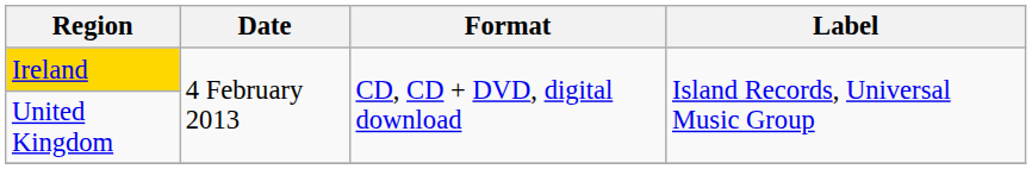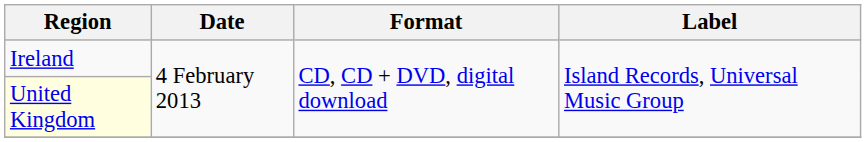 <table class=wikitable>
 <tr>
 <th>Region</th>
 <th>Date</th>
 <th>Format</th>
 <th>Label</th>
 </tr>
 <tr>
-<td style="background: gold;"><a href='#'>Ireland</a></td>
+<td><a href='#'>Ireland</a></td>
 <td rowspan=2>4 February 2013</td>
 <td rowspan="2"><a href='#'>CD</a>, <a href='#'>CD</a> + <a href='#'>DVD</a>, <a href='#'>digital download</a></td>
 <td rowspan="2"><a href='#'>Island Records</a>, <a href='#'>Universal Music Group</a></td>
 </tr>
 <tr>
-<td><a href='#'>United Kingdom</a></td>
+<td style="background: lightyellow;"><a href='#'>United Kingdom</a></td>
 </tr>
 <tr>
 </tr>
 </table>
